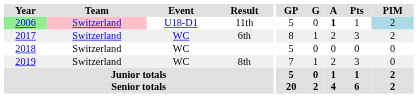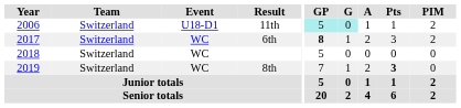 <table border="0" cellpadding="1" cellspacing="0" ID="Table3" style="text-align:center; width:40em">
 <tr ALIGN="center" bgcolor="#e0e0e0">
 <th>Year</th>
 <th>Team</th>
 <th>Event</th>
 <th>Result</th>
 <th rowspan="99" bgcolor="#ffffff"></th>
 <th>GP</th>
 <th>G</th>
 <th>A</th>
 <th>Pts</th>
 <th>PIM</th>
 </tr>
 <tr>
-<td style="background: lightgreen;"><a href='#'>2006</a></td>
-<td style="background: pink;"><a href='#'>Switzerland</a></td>
+<td><a href='#'>2006</a></td>
+<td><a href='#'>Switzerland</a></td>
 <td><a href='#'>U18-D1</a></td>
 <td>11th</td>
-<td>5</td>
-<td>0</td>
-<td><strong>1</strong></td>
+<td style="background: paleturquoise;">5</td>
+<td style="background: paleturquoise;">0</td>
 <td>1</td>
-<td style="background: lightblue;">2</td>
+<td>1</td>
+<td>2</td>
 </tr>
 <tr bgcolor="#f0f0f0">
 <td><a href='#'>2017</a></td>
 <td><a href='#'>Switzerland</a></td>
 <td><a href='#'>WC</a></td>
 <td>6th</td>
-<td>8</td>
+<td><strong>8</strong></td>
 <td>1</td>
 <td>2</td>
 <td>3</td>
 <td>2</td>
 </tr>
 <tr>
 <td><a href='#'>2018</a></td>
 <td>Switzerland</td>
 <td>WC</td>
 <td></td>
 <td>5</td>
 <td>0</td>
 <td>0</td>
 <td>0</td>
 <td>0</td>
 </tr>
 <tr bgcolor="#f0f0f0">
 <td><a href='#'>2019</a></td>
 <td>Switzerland</td>
 <td>WC</td>
 <td>8th</td>
 <td>7</td>
 <td>1</td>
 <td>2</td>
-<td>3</td>
+<td><strong>3</strong></td>
 <td>0</td>
 </tr>
 <tr bgcolor="#e0e0e0">
 <th colspan="4">Junior totals</th>
 <th>5</th>
 <th>0</th>
 <th>1</th>
 <th>1</th>
 <th>2</th>
 </tr>
 <tr bgcolor="#e0e0e0">
 <th colspan="4">Senior totals</th>
 <th>20</th>
 <th>2</th>
 <th>4</th>
 <th>6</th>
 <th>2</th>
 </tr>
 </table>
